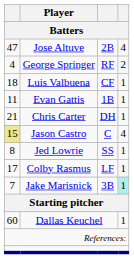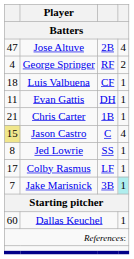 <table class="wikitable" style="text-align:center">
 <tr>
 <th></th>
 <th>Player</th>
 <th></th>
 <th></th>
 </tr>
 <tr>
 <th colspan="4">Batters</th>
 </tr>
 <tr>
 <td>47</td>
 <td><a href='#'>Jose Altuve</a></td>
 <td><a href='#'>2B</a></td>
 <td>4</td>
 </tr>
 <tr>
 <td>4</td>
 <td><a href='#'>George Springer</a></td>
 <td><a href='#'>RF</a></td>
 <td>2</td>
 </tr>
 <tr>
 <td>18</td>
 <td><a href='#'>Luis Valbuena</a></td>
 <td><a href='#'>CF</a></td>
 <td>1</td>
 </tr>
 <tr>
 <td>11</td>
 <td><a href='#'>Evan Gattis</a></td>
-<td><a href='#'>1B</a></td>
+<td><a href='#'>DH</a></td>
 <td>1</td>
 </tr>
 <tr>
 <td>21</td>
 <td><a href='#'>Chris Carter</a></td>
-<td><a href='#'>DH</a></td>
+<td><a href='#'>1B</a></td>
 <td>1</td>
 </tr>
 <tr>
 <td style="background: khaki;">15</td>
 <td><a href='#'>Jason Castro</a></td>
 <td><a href='#'>C</a></td>
 <td>4</td>
 </tr>
 <tr>
 <td>8</td>
 <td><a href='#'>Jed Lowrie</a></td>
 <td><a href='#'>SS</a></td>
 <td>1</td>
 </tr>
 <tr>
 <td>17</td>
 <td><a href='#'>Colby Rasmus</a></td>
 <td><a href='#'>LF</a></td>
 <td>1</td>
 </tr>
 <tr>
 <td>7</td>
 <td><a href='#'>Jake Marisnick</a></td>
 <td><a href='#'>3B</a></td>
 <td style="background: paleturquoise;">1</td>
 </tr>
 <tr>
 <th colspan="4">Starting pitcher</th>
 </tr>
 <tr>
 <td>60</td>
 <td colspan="2"><a href='#'>Dallas Keuchel</a></td>
 <td>1</td>
 </tr>
 <tr>
 <td style="text-align:right"; colspan="4"><small><em>References</em>:</small></td>
 </tr>
 <tr>
 <td style="border-bottom:#020088 5px solid;" colspan="4"></td>
 </tr>
 </table>
